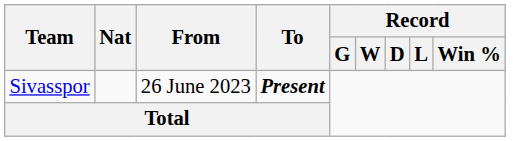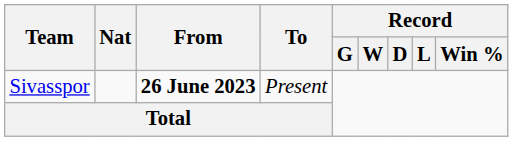 <table class="wikitable" style="text-align:centre">
 <tr>
 <th rowspan=2>Team</th>
 <th rowspan=2>Nat</th>
 <th rowspan=2>From</th>
 <th rowspan=2>To</th>
 <th colspan=8>Record</th>
 </tr>
 <tr>
 <th>G</th>
 <th>W</th>
 <th>D</th>
 <th>L</th>
 <th>Win %</th>
 </tr>
 <tr>
 <td><a href='#'>Sivasspor</a></td>
 <td></td>
-<td align=left>26 June 2023</td>
-<td align=left><strong><em>Present</em><br></strong></td>
+<td align=left><strong>26 June 2023</strong></td>
+<td align=left><em>Present</em><br></td>
 </tr>
 <tr>
 <th colspan="4">Total<br></th>
 </tr>
 </table>
